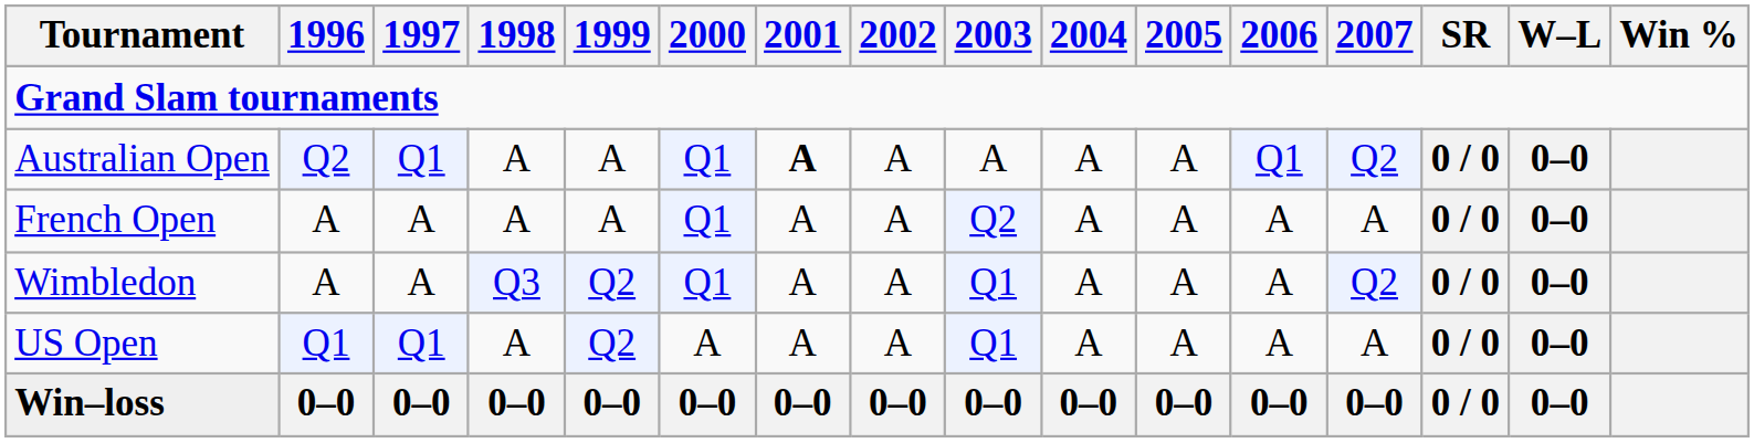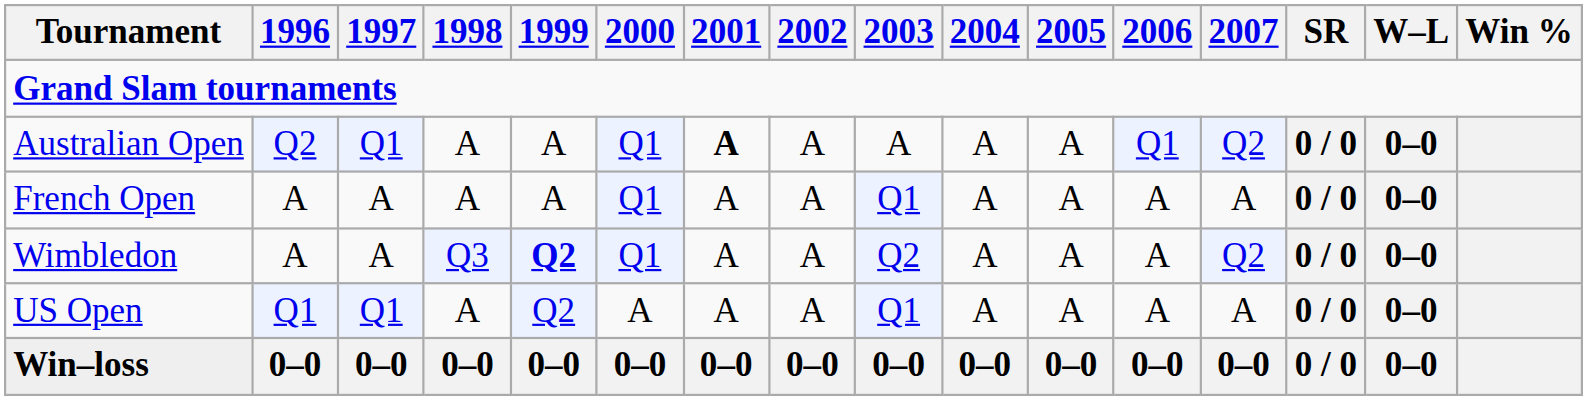 <table class=wikitable style=text-align:center>
 <tr>
 <th>Tournament</th>
 <th><a href='#'>1996</a></th>
 <th><a href='#'>1997</a></th>
 <th><a href='#'>1998</a></th>
 <th><a href='#'>1999</a></th>
 <th><a href='#'>2000</a></th>
 <th><a href='#'>2001</a></th>
 <th><a href='#'>2002</a></th>
 <th><a href='#'>2003</a></th>
 <th><a href='#'>2004</a></th>
 <th><a href='#'>2005</a></th>
 <th><a href='#'>2006</a></th>
 <th><a href='#'>2007</a></th>
 <th>SR</th>
 <th>W–L</th>
 <th>Win %</th>
 </tr>
 <tr>
 <td colspan=25 style=text-align:left><a href='#'><strong>Grand Slam tournaments</strong></a></td>
 </tr>
 <tr>
 <td align=left><a href='#'>Australian Open</a></td>
 <td bgcolor=ecf2ff><a href='#'>Q2</a></td>
 <td bgcolor=ecf2ff><a href='#'>Q1</a></td>
 <td>A</td>
 <td>A</td>
 <td bgcolor=ecf2ff><a href='#'>Q1</a></td>
 <td><strong>A</strong></td>
 <td>A</td>
 <td>A</td>
 <td>A</td>
 <td>A</td>
 <td bgcolor=ecf2ff><a href='#'>Q1</a></td>
 <td bgcolor=ecf2ff><a href='#'>Q2</a></td>
 <th>0 / 0</th>
 <th>0–0</th>
 <th></th>
 </tr>
 <tr>
 <td align=left><a href='#'>French Open</a></td>
 <td>A</td>
 <td>A</td>
 <td>A</td>
 <td>A</td>
 <td bgcolor=ecf2ff><a href='#'>Q1</a></td>
 <td>A</td>
 <td>A</td>
-<td bgcolor=ecf2ff><a href='#'>Q2</a></td>
+<td bgcolor=ecf2ff><a href='#'>Q1</a></td>
 <td>A</td>
 <td>A</td>
 <td>A</td>
 <td>A</td>
 <th>0 / 0</th>
 <th>0–0</th>
 <th></th>
 </tr>
 <tr>
 <td align=left><a href='#'>Wimbledon</a></td>
 <td>A</td>
 <td>A</td>
 <td bgcolor=ecf2ff><a href='#'>Q3</a></td>
-<td bgcolor=ecf2ff><a href='#'>Q2</a></td>
+<td bgcolor=ecf2ff><strong><a href='#'>Q2</a></strong></td>
 <td bgcolor=ecf2ff><a href='#'>Q1</a></td>
 <td>A</td>
 <td>A</td>
-<td bgcolor=ecf2ff><a href='#'>Q1</a></td>
+<td bgcolor=ecf2ff><a href='#'>Q2</a></td>
 <td>A</td>
 <td>A</td>
 <td>A</td>
 <td bgcolor=ecf2ff><a href='#'>Q2</a></td>
 <th>0 / 0</th>
 <th>0–0</th>
 <th></th>
 </tr>
 <tr>
 <td align=left><a href='#'>US Open</a></td>
 <td bgcolor=ecf2ff><a href='#'>Q1</a></td>
 <td bgcolor=ecf2ff><a href='#'>Q1</a></td>
 <td>A</td>
 <td bgcolor=ecf2ff><a href='#'>Q2</a></td>
 <td>A</td>
 <td>A</td>
 <td>A</td>
 <td bgcolor=ecf2ff><a href='#'>Q1</a></td>
 <td>A</td>
 <td>A</td>
 <td>A</td>
 <td>A</td>
 <th>0 / 0</th>
 <th>0–0</th>
 <th></th>
 </tr>
 <tr style=font-weight:bold;background:#efefef>
 <td style=text-align:left>Win–loss</td>
 <th>0–0</th>
 <th>0–0</th>
 <th>0–0</th>
 <th>0–0</th>
 <th>0–0</th>
 <th>0–0</th>
 <th>0–0</th>
 <th>0–0</th>
 <th>0–0</th>
 <th>0–0</th>
 <th>0–0</th>
 <th>0–0</th>
 <th>0 / 0</th>
 <th>0–0</th>
 <th></th>
 </tr>
 </table>
